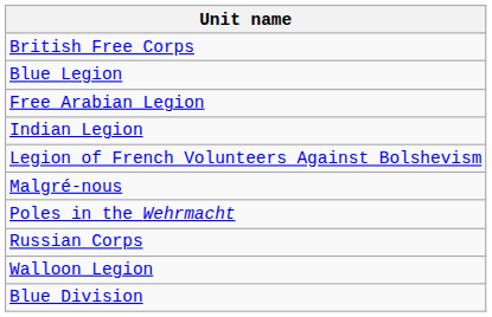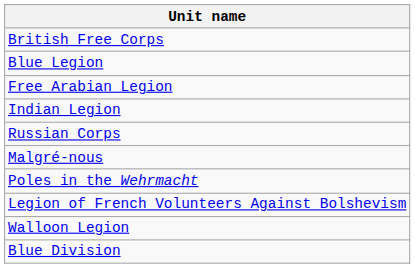 <table class="wikitable">
 <tr>
 <th>Unit name</th>
 </tr>
 <tr>
 <td><a href='#'>British Free Corps</a></td>
 </tr>
 <tr>
 <td><a href='#'>Blue Legion</a></td>
 </tr>
 <tr>
 <td><a href='#'>Free Arabian Legion</a></td>
 </tr>
 <tr>
 <td><a href='#'>Indian Legion</a></td>
 </tr>
 <tr>
-<td><a href='#'>Legion of French Volunteers Against Bolshevism</a></td>
+<td><a href='#'>Russian Corps</a></td>
 </tr>
 <tr>
 <td><a href='#'>Malgré-nous</a></td>
 </tr>
 <tr>
 <td><a href='#'>Poles in the <em>Wehrmacht</em></a></td>
 </tr>
 <tr>
-<td><a href='#'>Russian Corps</a></td>
+<td><a href='#'>Legion of French Volunteers Against Bolshevism</a></td>
 </tr>
 <tr>
 <td><a href='#'>Walloon Legion</a></td>
 </tr>
 <tr>
 <td><a href='#'>Blue Division</a></td>
 </tr>
 </table>
